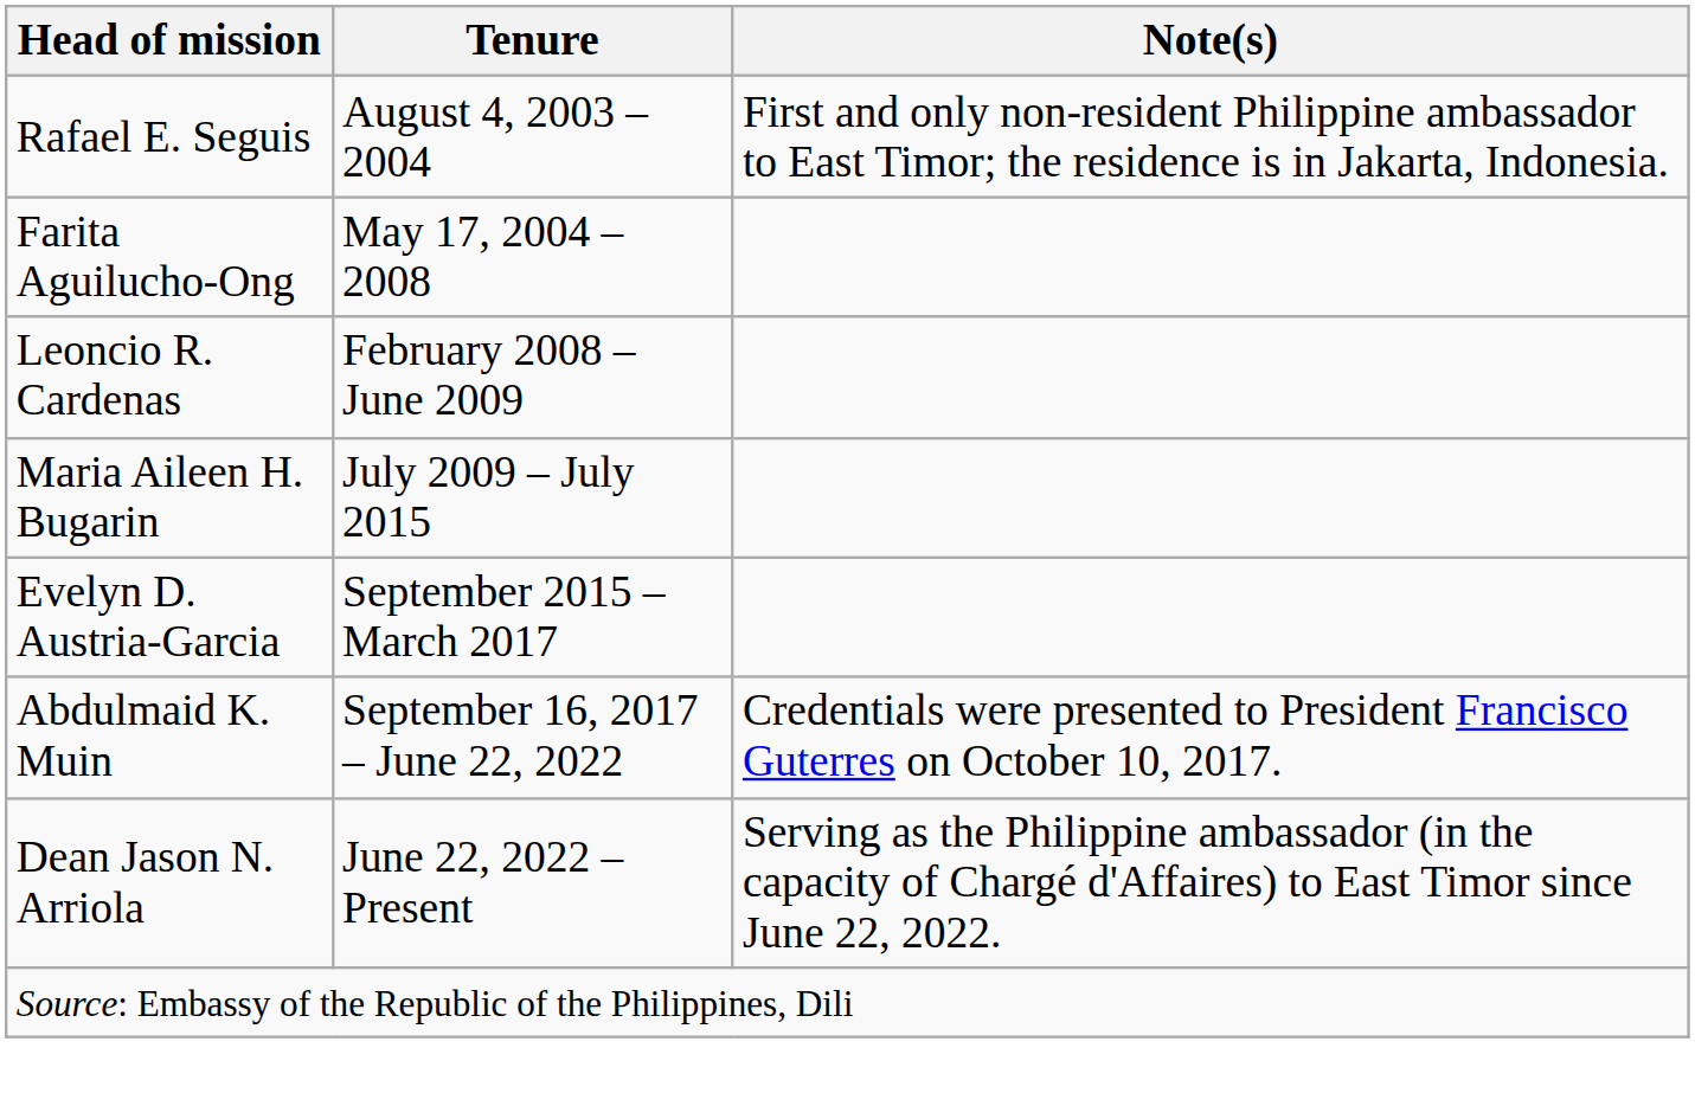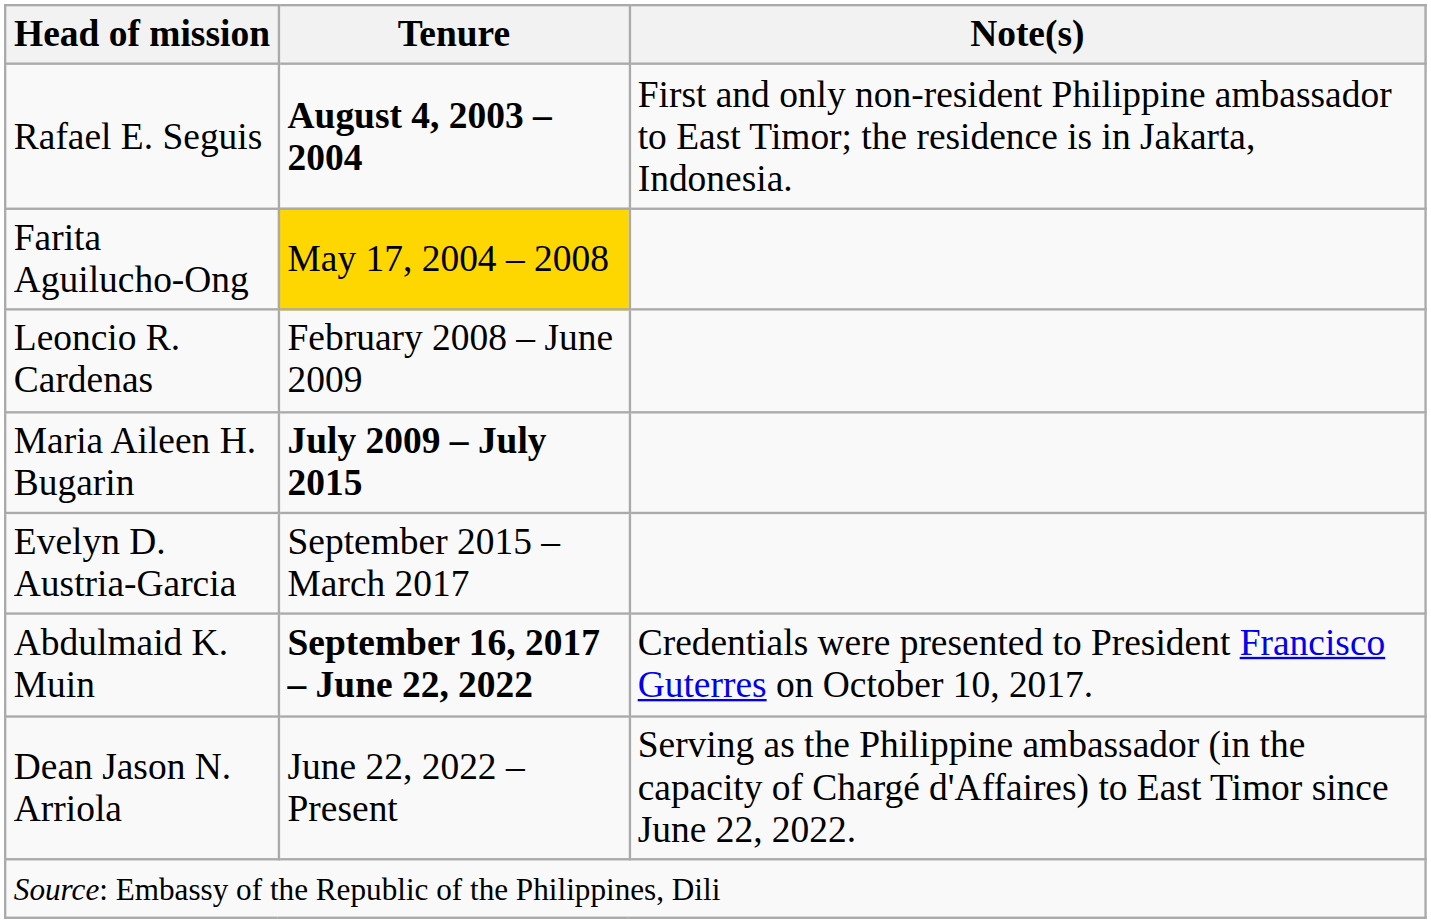 <table class=wikitable>
 <tr>
 <th>Head of mission</th>
 <th>Tenure</th>
 <th>Note(s)</th>
 </tr>
 <tr>
 <td>Rafael E. Seguis</td>
-<td>August 4, 2003 – 2004</td>
+<td><strong>August 4, 2003 – 2004</strong></td>
 <td>First and only non-resident Philippine ambassador to East Timor; the residence is in Jakarta, Indonesia.</td>
 </tr>
 <tr>
 <td>Farita Aguilucho-Ong</td>
-<td>May 17, 2004 – 2008</td>
+<td style="background: gold;">May 17, 2004 – 2008</td>
 <td></td>
 </tr>
 <tr>
 <td>Leoncio R. Cardenas</td>
 <td>February 2008 – June 2009</td>
 <td></td>
 </tr>
 <tr>
 <td>Maria Aileen H. Bugarin</td>
-<td>July 2009 – July 2015</td>
+<td><strong>July 2009 – July 2015</strong></td>
 <td></td>
 </tr>
 <tr>
 <td>Evelyn D. Austria-Garcia</td>
 <td>September 2015 – March 2017</td>
 <td></td>
 </tr>
 <tr>
 <td>Abdulmaid K. Muin</td>
-<td>September 16, 2017 – June 22, 2022</td>
+<td><strong>September 16, 2017 – June 22, 2022</strong></td>
 <td>Credentials were presented to President <a href='#'>Francisco Guterres</a> on October 10, 2017.</td>
 </tr>
 <tr>
 <td>Dean Jason N. Arriola</td>
 <td>June 22, 2022 – Present</td>
 <td>Serving as the Philippine ambassador (in the capacity of Chargé d'Affaires) to East Timor since June 22, 2022.</td>
 </tr>
 <tr>
 <td colspan=5><small><em>Source</em>: Embassy of the Republic of the Philippines, Dili</small></td>
 </tr>
 </table>
